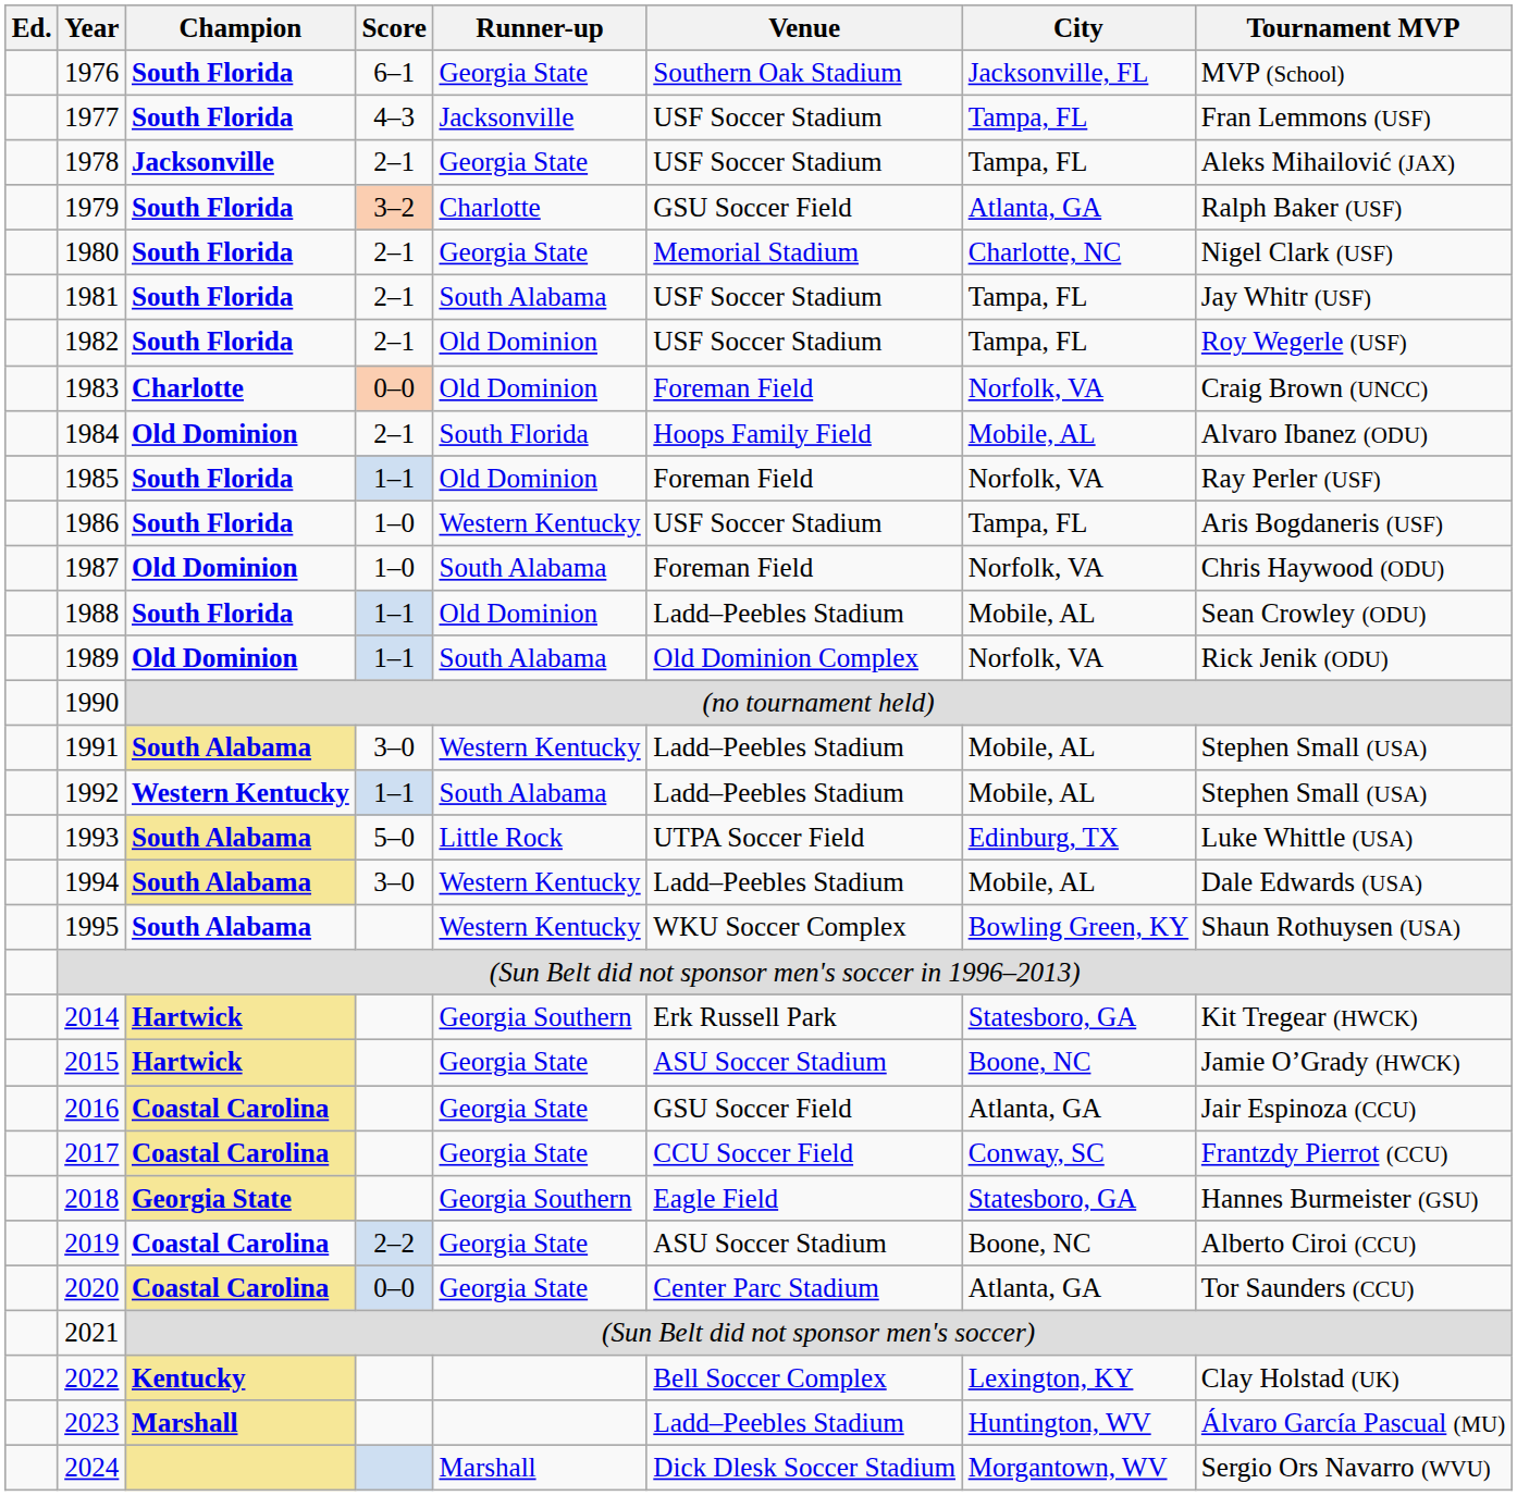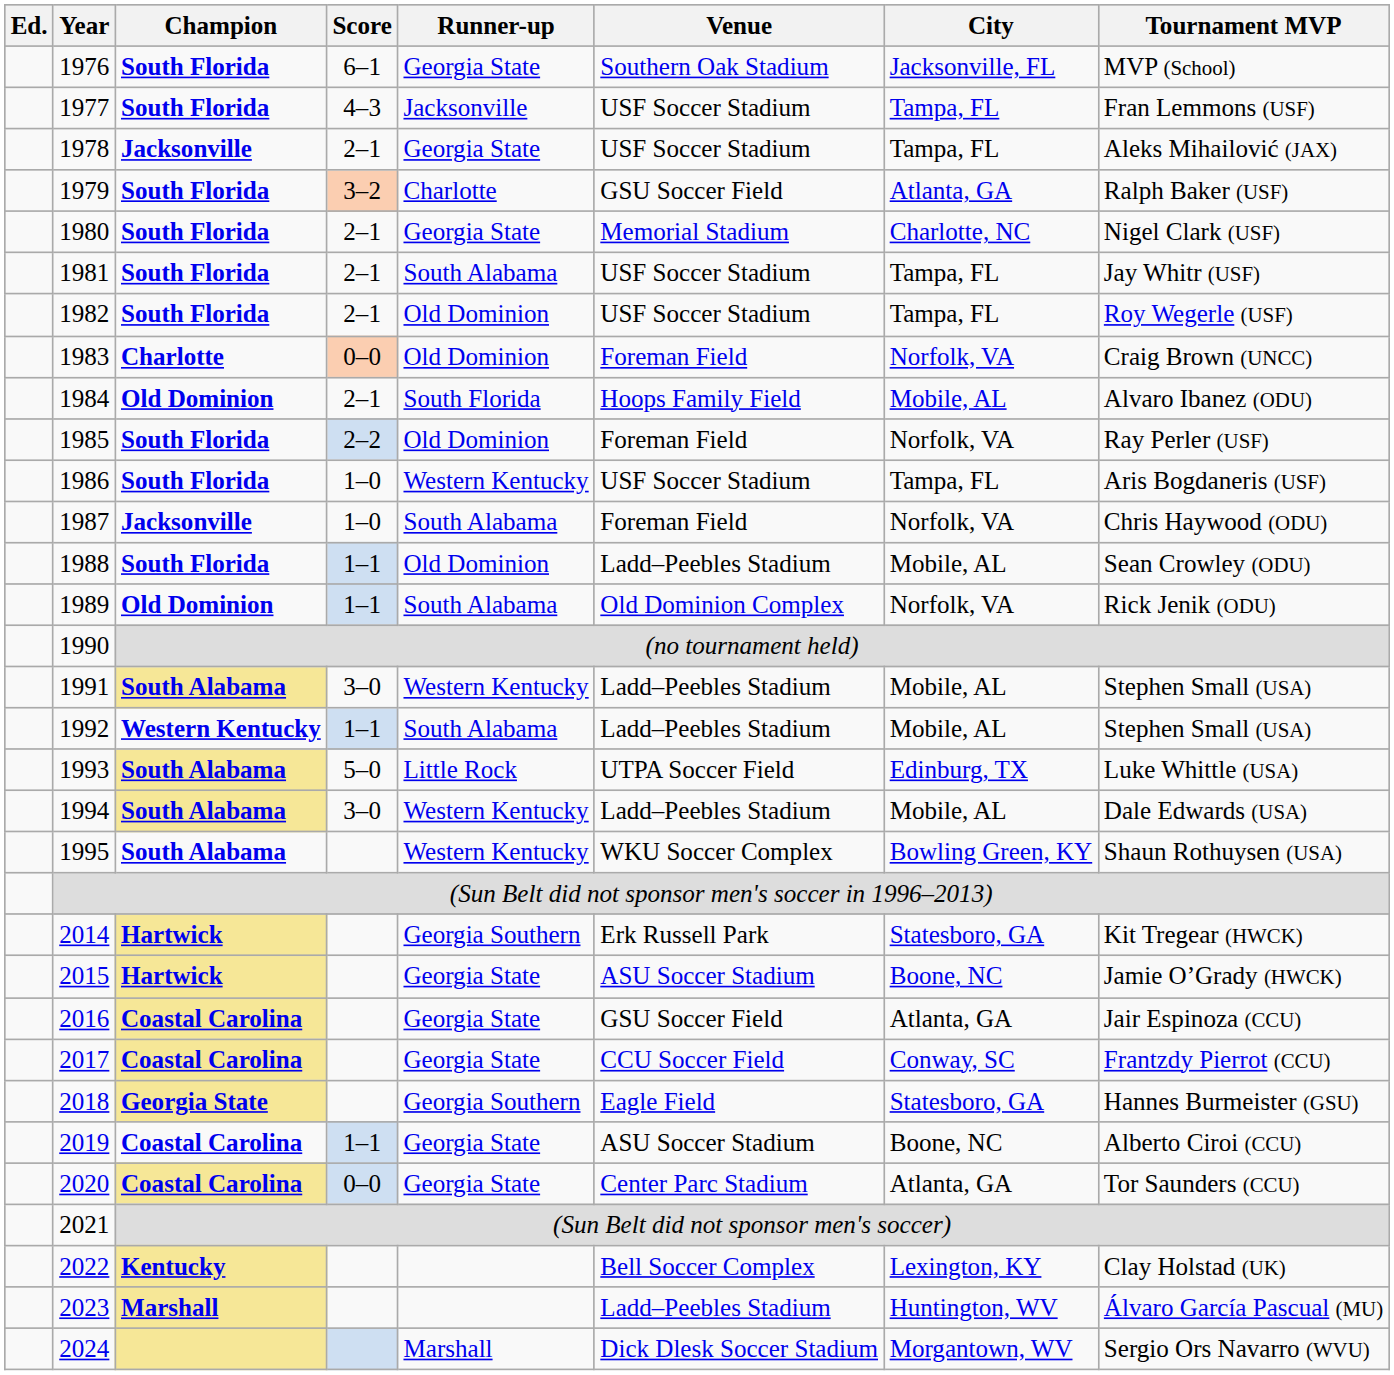 <table class="wikitable sortable"; style= "font-size: 95%">
 <tr>
 <th width=px>Ed.</th>
 <th width=px>Year</th>
 <th width=px>Champion</th>
 <th width=px>Score</th>
 <th width=px>Runner-up</th>
 <th width=px>Venue</th>
 <th width=px>City</th>
 <th width=px>Tournament MVP</th>
 </tr>
 <tr>
 <td></td>
 <td>1976</td>
 <td><strong><a href='#'>South Florida</a></strong></td>
 <td align=center>6–1</td>
 <td><a href='#'>Georgia State</a></td>
 <td><a href='#'>Southern Oak Stadium</a></td>
 <td><a href='#'>Jacksonville, FL</a></td>
 <td>MVP <small>(School)</small></td>
 </tr>
 <tr>
 <td></td>
 <td>1977</td>
 <td><strong><a href='#'>South Florida</a></strong> </td>
 <td align=center>4–3</td>
 <td><a href='#'>Jacksonville</a></td>
 <td>USF Soccer Stadium</td>
 <td><a href='#'>Tampa, FL</a></td>
 <td>Fran Lemmons <small>(USF)</small></td>
 </tr>
 <tr>
 <td></td>
 <td>1978</td>
 <td><strong><a href='#'>Jacksonville</a></strong></td>
 <td align=center>2–1</td>
 <td><a href='#'>Georgia State</a></td>
 <td>USF Soccer Stadium</td>
 <td>Tampa, FL</td>
 <td>Aleks Mihailović <small>(JAX)</small></td>
 </tr>
 <tr>
 <td></td>
 <td>1979</td>
 <td><strong><a href='#'>South Florida</a></strong> </td>
 <td style="background-color:#FBCEB1" align=center>3–2 </td>
 <td><a href='#'>Charlotte</a></td>
 <td>GSU Soccer Field</td>
 <td><a href='#'>Atlanta, GA</a></td>
 <td>Ralph Baker <small>(USF)</small></td>
 </tr>
 <tr>
 <td></td>
 <td>1980</td>
 <td><strong><a href='#'>South Florida</a></strong> </td>
 <td align=center>2–1</td>
 <td><a href='#'>Georgia State</a></td>
 <td><a href='#'>Memorial Stadium</a></td>
 <td><a href='#'>Charlotte, NC</a></td>
 <td>Nigel Clark <small>(USF)</small></td>
 </tr>
 <tr>
 <td></td>
 <td>1981</td>
 <td><strong><a href='#'>South Florida</a></strong> </td>
 <td align=center>2–1</td>
 <td><a href='#'>South Alabama</a></td>
 <td>USF Soccer Stadium</td>
 <td>Tampa, FL</td>
 <td>Jay Whitr <small>(USF)</small></td>
 </tr>
 <tr>
 <td></td>
 <td>1982</td>
 <td><strong><a href='#'>South Florida</a></strong> </td>
 <td align=center>2–1</td>
 <td><a href='#'>Old Dominion</a></td>
 <td>USF Soccer Stadium</td>
 <td>Tampa, FL</td>
 <td><a href='#'>Roy Wegerle</a> <small>(USF)</small></td>
 </tr>
 <tr>
 <td></td>
 <td>1983</td>
 <td><strong><a href='#'>Charlotte</a></strong></td>
 <td style="background-color:#FBCEB1" align=center>0–0 </td>
 <td><a href='#'>Old Dominion</a></td>
 <td><a href='#'>Foreman Field</a></td>
 <td><a href='#'>Norfolk, VA</a></td>
 <td>Craig Brown <small>(UNCC)</small></td>
 </tr>
 <tr>
 <td></td>
 <td>1984</td>
 <td><strong><a href='#'>Old Dominion</a></strong></td>
 <td align=center>2–1</td>
 <td><a href='#'>South Florida</a></td>
 <td><a href='#'>Hoops Family Field</a></td>
 <td><a href='#'>Mobile, AL</a></td>
 <td>Alvaro Ibanez <small>(ODU)</small></td>
 </tr>
 <tr>
 <td></td>
 <td>1985</td>
 <td><strong><a href='#'>South Florida</a></strong> </td>
-<td style="background-color:#cedff2" align="center">1–1 </td>
+<td style="background-color:#cedff2" align="center">2–2 </td>
 <td><a href='#'>Old Dominion</a></td>
 <td>Foreman Field</td>
 <td>Norfolk, VA</td>
 <td>Ray Perler <small>(USF)</small></td>
 </tr>
 <tr>
 <td></td>
 <td>1986</td>
 <td><strong><a href='#'>South Florida</a></strong> </td>
 <td align=center>1–0</td>
 <td><a href='#'>Western Kentucky</a></td>
 <td>USF Soccer Stadium</td>
 <td>Tampa, FL</td>
 <td>Aris Bogdaneris <small>(USF)</small></td>
 </tr>
 <tr>
 <td></td>
 <td>1987</td>
-<td><strong><a href='#'>Old Dominion</a></strong> </td>
+<td><strong><a href='#'>Jacksonville</a></strong></td>
 <td align=center>1–0</td>
 <td><a href='#'>South Alabama</a></td>
 <td>Foreman Field</td>
 <td>Norfolk, VA</td>
 <td>Chris Haywood <small>(ODU)</small></td>
 </tr>
 <tr>
 <td></td>
 <td>1988</td>
 <td><strong><a href='#'>South Florida</a></strong> </td>
 <td style="background-color:#cedff2" align="center">1–1 </td>
 <td><a href='#'>Old Dominion</a></td>
 <td>Ladd–Peebles Stadium</td>
 <td>Mobile, AL</td>
 <td>Sean Crowley <small>(ODU)</small></td>
 </tr>
 <tr>
 <td></td>
 <td>1989</td>
 <td><strong><a href='#'>Old Dominion</a></strong> </td>
 <td style="background-color:#cedff2" align="center">1–1 </td>
 <td><a href='#'>South Alabama</a></td>
 <td><a href='#'>Old Dominion Complex</a></td>
 <td>Norfolk, VA</td>
 <td>Rick Jenik <small>(ODU)</small></td>
 </tr>
 <tr>
 <td></td>
 <td>1990</td>
 <td colspan="6" style= "text-align:center; background:#dddddd"><em>(no tournament held)</em></td>
 </tr>
 <tr>
 <td></td>
 <td>1991</td>
 <td bgcolor=#F6E797><strong><a href='#'>South Alabama</a></strong></td>
 <td align=center>3–0</td>
 <td><a href='#'>Western Kentucky</a></td>
 <td>Ladd–Peebles Stadium</td>
 <td>Mobile, AL</td>
 <td>Stephen Small <small>(USA)</small></td>
 </tr>
 <tr>
 <td></td>
 <td>1992</td>
 <td><strong><a href='#'>Western Kentucky</a></strong></td>
 <td style="background-color:#cedff2" align="center">1–1 </td>
 <td><a href='#'>South Alabama</a></td>
 <td>Ladd–Peebles Stadium</td>
 <td>Mobile, AL</td>
 <td>Stephen Small <small>(USA)</small></td>
 </tr>
 <tr>
 <td></td>
 <td>1993</td>
 <td bgcolor=#F6E797><strong><a href='#'>South Alabama</a></strong> </td>
 <td align=center>5–0</td>
 <td><a href='#'>Little Rock</a></td>
 <td>UTPA Soccer Field</td>
 <td><a href='#'>Edinburg, TX</a></td>
 <td>Luke Whittle <small>(USA)</small></td>
 </tr>
 <tr>
 <td></td>
 <td>1994</td>
 <td bgcolor=#F6E797><strong><a href='#'>South Alabama</a></strong> </td>
 <td align=center>3–0</td>
 <td><a href='#'>Western Kentucky</a></td>
 <td>Ladd–Peebles Stadium</td>
 <td>Mobile, AL</td>
 <td>Dale Edwards <small>(USA)</small></td>
 </tr>
 <tr>
 <td></td>
 <td>1995</td>
 <td><strong><a href='#'>South Alabama</a></strong> </td>
 <td></td>
 <td><a href='#'>Western Kentucky</a></td>
 <td>WKU Soccer Complex</td>
 <td><a href='#'>Bowling Green, KY</a></td>
 <td>Shaun Rothuysen <small>(USA)</small></td>
 </tr>
 <tr>
 <td></td>
 <td colspan="7" style= "text-align:center; background:#dddddd"><em>(Sun Belt did not sponsor men's soccer in 1996–2013)</em></td>
 </tr>
 <tr>
 <td></td>
 <td><a href='#'>2014</a></td>
 <td bgcolor=#F6E797><strong><a href='#'>Hartwick</a></strong></td>
 <td></td>
 <td><a href='#'>Georgia Southern</a></td>
 <td>Erk Russell Park</td>
 <td><a href='#'>Statesboro, GA</a></td>
 <td>Kit Tregear <small>(HWCK)</small></td>
 </tr>
 <tr>
 <td></td>
 <td><a href='#'>2015</a></td>
 <td bgcolor=#F6E797><strong><a href='#'>Hartwick</a></strong> </td>
 <td></td>
 <td><a href='#'>Georgia State</a></td>
 <td><a href='#'>ASU Soccer Stadium</a></td>
 <td><a href='#'>Boone, NC</a></td>
 <td>Jamie O’Grady <small>(HWCK)</small></td>
 </tr>
 <tr>
 <td></td>
 <td><a href='#'>2016</a></td>
 <td bgcolor=#F6E797><strong><a href='#'>Coastal Carolina</a></strong></td>
 <td></td>
 <td><a href='#'>Georgia State</a></td>
 <td>GSU Soccer Field</td>
 <td>Atlanta, GA</td>
 <td>Jair Espinoza <small>(CCU)</small></td>
 </tr>
 <tr>
 <td></td>
 <td><a href='#'>2017</a></td>
 <td bgcolor=#F6E797><strong><a href='#'>Coastal Carolina</a></strong> </td>
 <td></td>
 <td><a href='#'>Georgia State</a></td>
 <td><a href='#'>CCU Soccer Field</a></td>
 <td><a href='#'>Conway, SC</a></td>
 <td><a href='#'>Frantzdy Pierrot</a> <small>(CCU)</small></td>
 </tr>
 <tr>
 <td></td>
 <td><a href='#'>2018</a></td>
 <td bgcolor=#F6E797><strong><a href='#'>Georgia State</a></strong></td>
 <td></td>
 <td><a href='#'>Georgia Southern</a></td>
 <td><a href='#'>Eagle Field</a></td>
 <td><a href='#'>Statesboro, GA</a></td>
 <td>Hannes Burmeister <small>(GSU)</small></td>
 </tr>
 <tr>
 <td></td>
 <td><a href='#'>2019</a></td>
 <td><strong><a href='#'>Coastal Carolina</a></strong> </td>
-<td style="background-color:#cedff2" align="center">2–2 </td>
+<td style="background-color:#cedff2" align="center">1–1 </td>
 <td><a href='#'>Georgia State</a></td>
 <td>ASU Soccer Stadium</td>
 <td>Boone, NC</td>
 <td>Alberto Ciroi <small>(CCU)</small></td>
 </tr>
 <tr>
 <td></td>
 <td><a href='#'>2020</a></td>
 <td bgcolor=#F6E797><strong><a href='#'>Coastal Carolina</a></strong> </td>
 <td bgcolor=#cedff2 align=center>0–0 </td>
 <td><a href='#'>Georgia State</a></td>
 <td><a href='#'>Center Parc Stadium</a></td>
 <td>Atlanta, GA</td>
 <td>Tor Saunders <small>(CCU)</small></td>
 </tr>
 <tr>
 <td></td>
 <td>2021</td>
 <td colspan="6" style= "text-align:center; background:#dddddd"><em>(Sun Belt did not sponsor men's soccer)</em></td>
 </tr>
 <tr>
 <td></td>
 <td><a href='#'>2022</a></td>
 <td bgcolor=#F6E797><strong><a href='#'>Kentucky</a></strong> </td>
 <td></td>
 <td></td>
 <td><a href='#'>Bell Soccer Complex</a></td>
 <td><a href='#'>Lexington, KY</a></td>
 <td>Clay Holstad <small>(UK)</small></td>
 </tr>
 <tr>
 <td></td>
 <td><a href='#'>2023</a></td>
 <td bgcolor=#F6E797><strong><a href='#'>Marshall</a></strong> </td>
 <td></td>
 <td></td>
 <td><a href='#'>Ladd–Peebles Stadium</a></td>
 <td><a href='#'>Huntington, WV</a></td>
 <td><a href='#'>Álvaro García Pascual</a> <small>(MU)</small></td>
 </tr>
 <tr>
 <td></td>
 <td><a href='#'>2024</a></td>
 <td bgcolor=#F6E797><strong></strong> </td>
 <td bgcolor=#cedff2></td>
 <td><a href='#'>Marshall</a></td>
 <td><a href='#'>Dick Dlesk Soccer Stadium</a></td>
 <td><a href='#'>Morgantown, WV</a></td>
 <td>Sergio Ors Navarro <small>(WVU)</small></td>
 </tr>
 </table>
